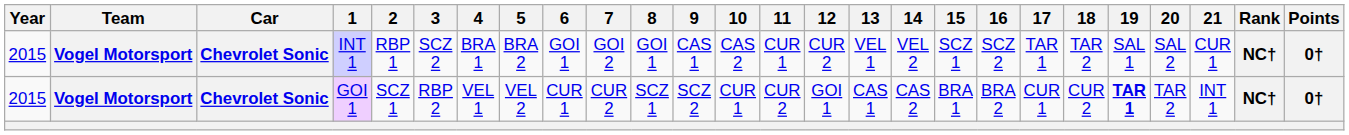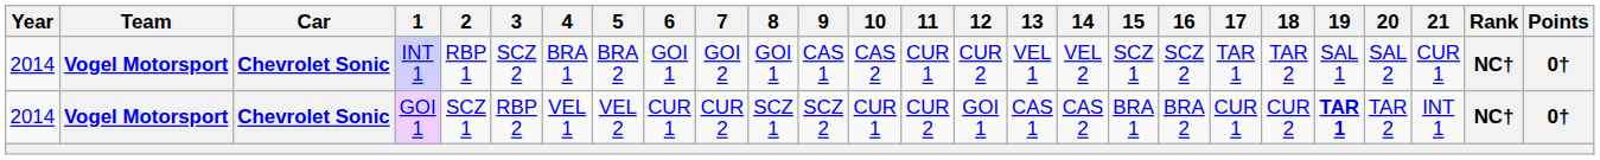 <table class="wikitable" style="text-align:center; font-size:85%">
 <tr>
 <th>Year</th>
 <th>Team</th>
 <th>Car</th>
 <th>1</th>
 <th>2</th>
 <th>3</th>
 <th>4</th>
 <th>5</th>
 <th>6</th>
 <th>7</th>
 <th>8</th>
 <th>9</th>
 <th>10</th>
 <th>11</th>
 <th>12</th>
 <th>13</th>
 <th>14</th>
 <th>15</th>
 <th>16</th>
 <th>17</th>
 <th>18</th>
 <th>19</th>
 <th>20</th>
 <th>21</th>
 <th>Rank</th>
 <th>Points</th>
 </tr>
 <tr>
-<td><a href='#'>2015</a></td>
+<td><a href='#'>2014</a></td>
 <th nowrap><a href='#'>Vogel Motorsport</a></th>
 <th nowrap><a href='#'>Chevrolet Sonic</a></th>
 <td style="background:#CFCFFF;"><a href='#'>INT<br>1</a><br></td>
 <td><a href='#'>RBP<br>1</a></td>
 <td><a href='#'>SCZ<br>2</a></td>
 <td><a href='#'>BRA<br>1</a></td>
 <td><a href='#'>BRA<br>2</a></td>
 <td><a href='#'>GOI<br>1</a></td>
 <td><a href='#'>GOI<br>2</a></td>
 <td><a href='#'>GOI<br>1</a></td>
 <td><a href='#'>CAS<br>1</a></td>
 <td><a href='#'>CAS<br>2</a></td>
 <td><a href='#'>CUR<br>1</a></td>
 <td><a href='#'>CUR<br>2</a></td>
 <td><a href='#'>VEL<br>1</a></td>
 <td><a href='#'>VEL<br>2</a></td>
 <td><a href='#'>SCZ<br>1</a></td>
 <td><a href='#'>SCZ<br>2</a></td>
 <td><a href='#'>TAR<br>1</a></td>
 <td><a href='#'>TAR<br>2</a></td>
 <td><a href='#'>SAL<br>1</a></td>
 <td><a href='#'>SAL<br>2</a></td>
 <td><a href='#'>CUR<br>1</a></td>
 <th>NC†</th>
 <th>0†</th>
 </tr>
 <tr>
-<td><a href='#'>2015</a></td>
+<td><a href='#'>2014</a></td>
 <th><a href='#'>Vogel Motorsport</a></th>
 <th><a href='#'>Chevrolet Sonic</a></th>
 <td style="background:#EFCFFF;"><a href='#'>GOI<br>1</a><br></td>
 <td><a href='#'>SCZ<br>1</a></td>
 <td><a href='#'>RBP<br>2</a></td>
 <td><a href='#'>VEL<br>1</a></td>
 <td><a href='#'>VEL<br>2</a></td>
 <td><a href='#'>CUR<br>1</a></td>
 <td><a href='#'>CUR<br>2</a></td>
 <td><a href='#'>SCZ<br>1</a></td>
 <td><a href='#'>SCZ<br>2</a></td>
 <td><a href='#'>CUR<br>1</a></td>
 <td><a href='#'>CUR<br>2</a></td>
 <td><a href='#'>GOI<br>1</a></td>
 <td><a href='#'>CAS<br>1</a></td>
 <td><a href='#'>CAS<br>2</a></td>
 <td><a href='#'>BRA<br>1</a></td>
 <td><a href='#'>BRA<br>2</a></td>
 <td><a href='#'>CUR<br>1</a></td>
 <td><a href='#'>CUR<br>2</a></td>
 <td><strong><a href='#'>TAR<br>1</a></strong></td>
 <td><a href='#'>TAR<br>2</a></td>
 <td><a href='#'>INT<br>1</a></td>
 <th>NC†</th>
 <th>0†</th>
 </tr>
 <tr>
 <th colspan="26"></th>
 </tr>
 </table>
